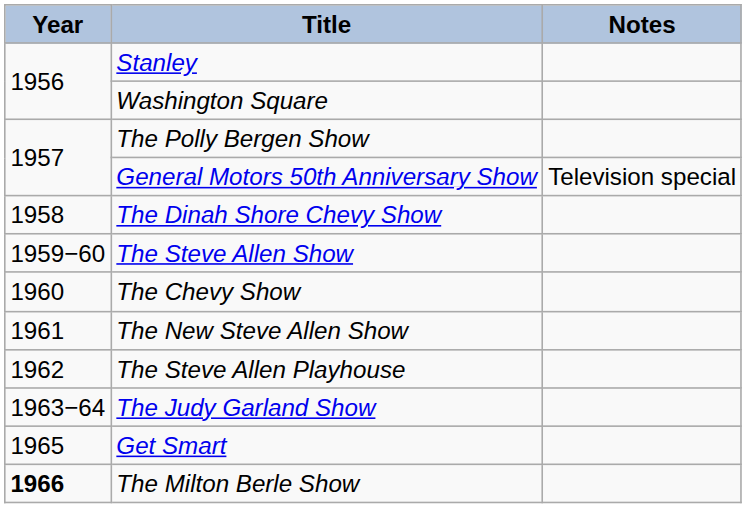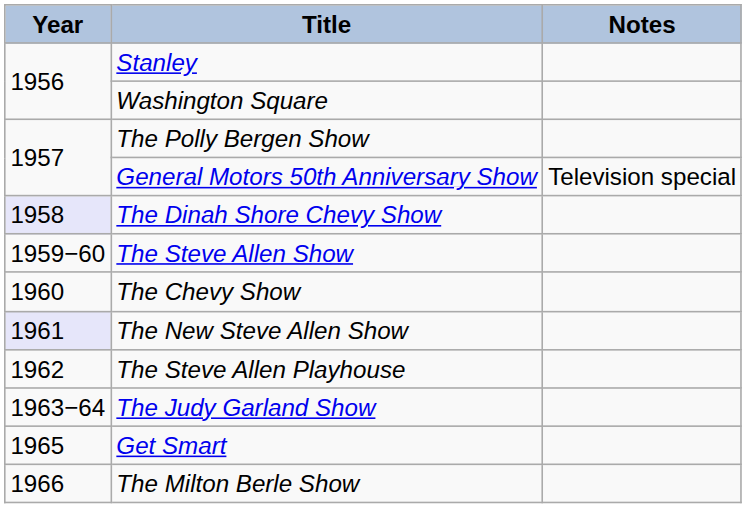 <table class="wikitable" style="font-size:95%;">
 <tr>
 <th style="background:#B0C4DE;">Year</th>
 <th style="background:#B0C4DE;">Title</th>
 <th style="background:#B0C4DE;">Notes</th>
 </tr>
 <tr>
 <td rowspan=2>1956</td>
 <td><em><a href='#'>Stanley</a></em></td>
 <td></td>
 </tr>
 <tr>
 <td><em>Washington Square</em></td>
 <td></td>
 </tr>
 <tr>
 <td rowspan=2>1957</td>
 <td><em>The Polly Bergen Show</em></td>
 <td></td>
 </tr>
 <tr>
 <td><em><a href='#'>General Motors 50th Anniversary Show</a></em></td>
 <td>Television special</td>
 </tr>
 <tr>
-<td>1958</td>
+<td style="background: lavender;">1958</td>
 <td><em><a href='#'>The Dinah Shore Chevy Show</a></em></td>
 <td></td>
 </tr>
 <tr>
 <td>1959−60</td>
 <td><em><a href='#'>The Steve Allen Show</a></em></td>
 <td></td>
 </tr>
 <tr>
 <td>1960</td>
 <td><em>The Chevy Show</em></td>
 <td></td>
 </tr>
 <tr>
-<td>1961</td>
+<td style="background: lavender;">1961</td>
 <td><em>The New Steve Allen Show</em></td>
 <td></td>
 </tr>
 <tr>
 <td>1962</td>
 <td><em>The Steve Allen Playhouse</em></td>
 <td></td>
 </tr>
 <tr>
 <td>1963−64</td>
 <td><em><a href='#'>The Judy Garland Show</a></em></td>
 <td></td>
 </tr>
 <tr>
 <td>1965</td>
 <td><em><a href='#'>Get Smart</a></em></td>
 <td></td>
 </tr>
 <tr>
-<td><strong>1966</strong></td>
+<td>1966</td>
 <td><em>The Milton Berle Show</em></td>
 <td></td>
 </tr>
 </table>
